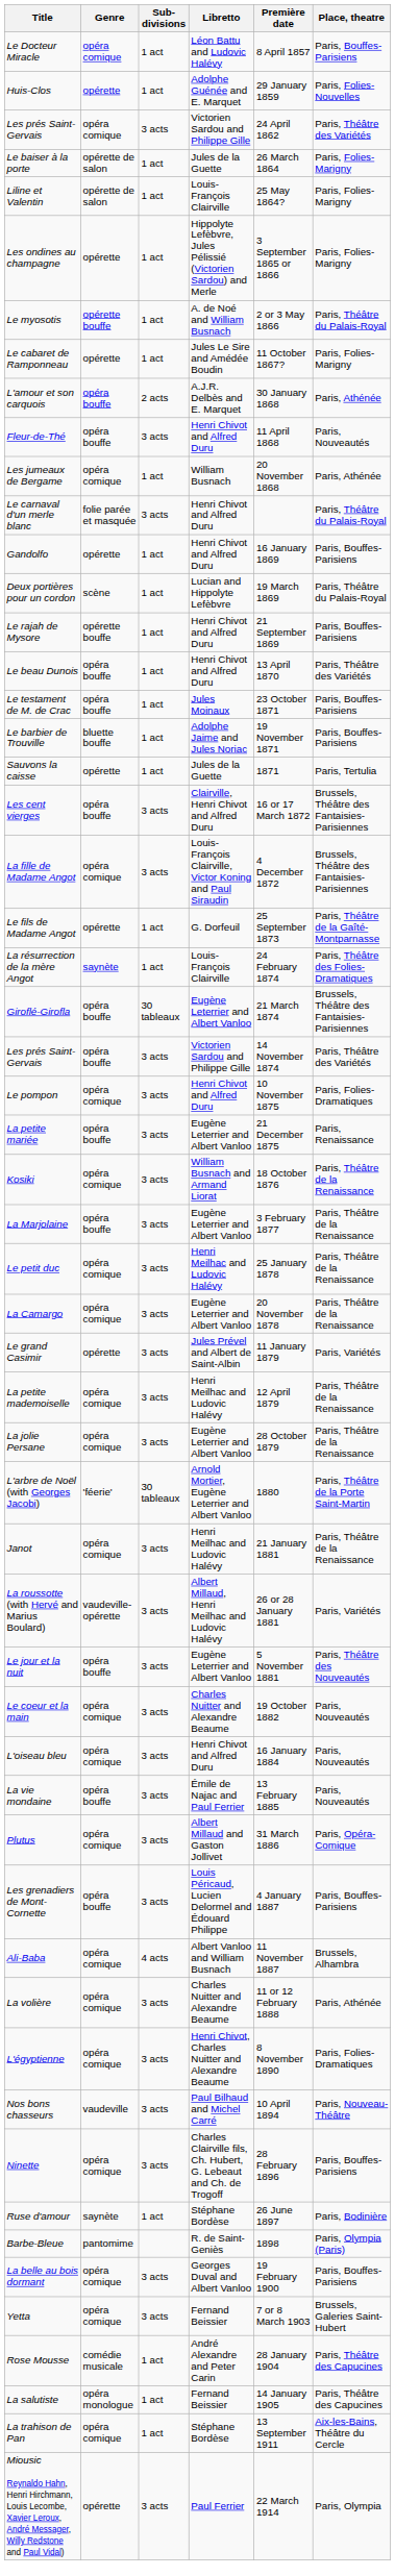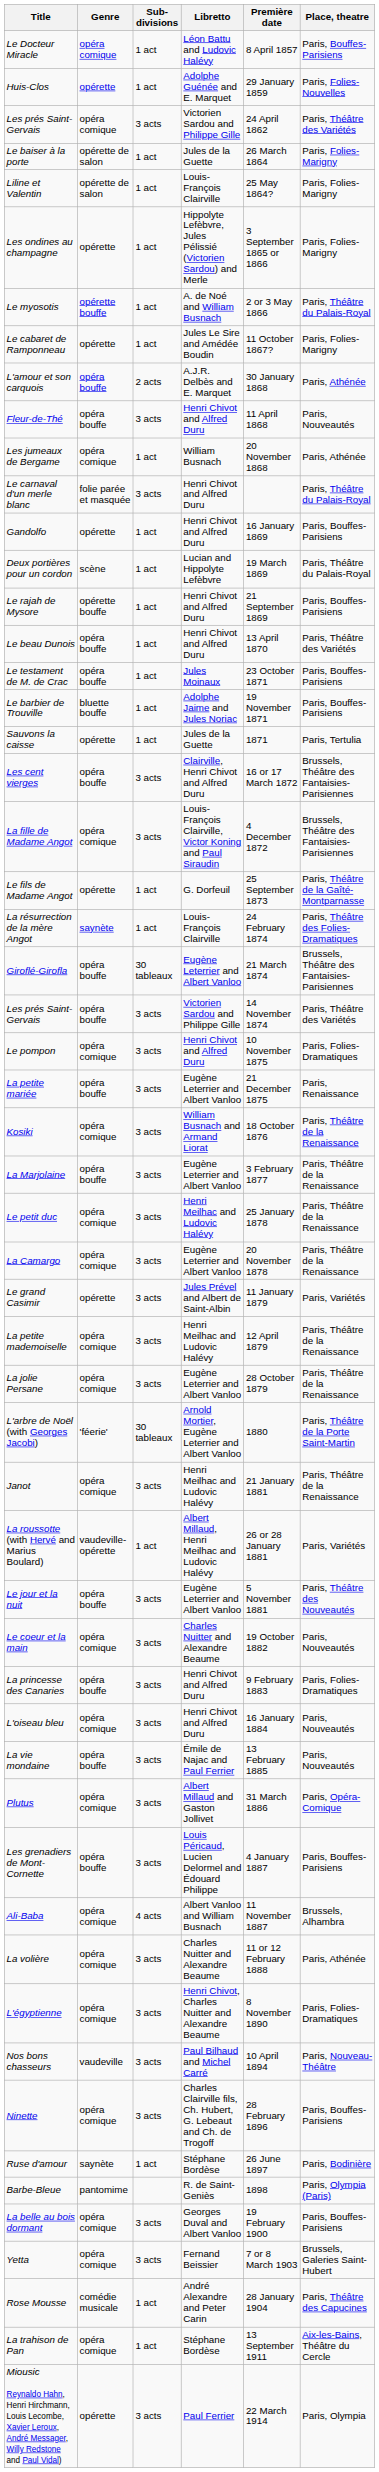 <table class="wikitable sortable">
 <tr>
 <th>Title</th>
 <th>Genre</th>
 <th>Sub­divisions</th>
 <th>Libretto</th>
 <th>Première date</th>
 <th>Place, theatre</th>
 </tr>
 <tr>
 <td><em>Le Docteur Miracle</em></td>
 <td><a href='#'>opéra comique</a></td>
 <td>1 act</td>
 <td><a href='#'>Léon Battu</a> and <a href='#'>Ludovic Halévy</a></td>
 <td>8 April 1857</td>
 <td>Paris, <a href='#'>Bouffes-Parisiens</a></td>
 </tr>
 <tr>
 <td><em>Huis-Clos</em></td>
 <td><a href='#'>opérette</a></td>
 <td>1 act</td>
 <td><a href='#'>Adolphe Guénée</a> and E. Marquet</td>
 <td>29 January 1859</td>
 <td>Paris, <a href='#'>Folies-Nouvelles</a></td>
 </tr>
 <tr>
 <td><em>Les prés Saint-Gervais</em></td>
 <td>opéra comique</td>
 <td>3 acts</td>
 <td>Victorien Sardou and <a href='#'>Philippe Gille</a></td>
 <td>24 April 1862</td>
 <td>Paris, <a href='#'>Théâtre des Variétés</a></td>
 </tr>
 <tr>
 <td><em>Le baiser à la porte</em></td>
 <td>opérette de salon</td>
 <td>1 act</td>
 <td>Jules de la Guette</td>
 <td>26 March 1864</td>
 <td>Paris, <a href='#'>Folies-Marigny</a></td>
 </tr>
 <tr>
 <td><em>Liline et Valentin</em></td>
 <td>opérette de salon</td>
 <td>1 act</td>
 <td>Louis-François Clairville</td>
 <td>25 May 1864?</td>
 <td>Paris, Folies-Marigny</td>
 </tr>
 <tr>
 <td><em>Les ondines au champagne</em></td>
 <td>opérette</td>
 <td>1 act</td>
 <td>Hippolyte Lefèbvre, Jules Pélissié (<a href='#'>Victorien Sardou</a>) and Merle</td>
 <td>3 September 1865 or 1866</td>
 <td>Paris, Folies-Marigny</td>
 </tr>
 <tr>
 <td><em>Le myosotis</em></td>
 <td><a href='#'>opérette bouffe</a></td>
 <td>1 act</td>
 <td>A. de Noé and <a href='#'>William Busnach</a></td>
 <td>2 or 3 May 1866</td>
 <td>Paris, <a href='#'>Théâtre du Palais-Royal</a></td>
 </tr>
 <tr>
 <td><em>Le cabaret de Ramponneau</em></td>
 <td>opérette</td>
 <td>1 act</td>
 <td>Jules Le Sire and Amédée Boudin</td>
 <td>11 October 1867?</td>
 <td>Paris, Folies-Marigny</td>
 </tr>
 <tr>
 <td><em>L'amour et son carquois</em></td>
 <td><a href='#'>opéra bouffe</a></td>
 <td>2 acts</td>
 <td>A.J.R. Delbès and E. Marquet</td>
 <td>30 January 1868</td>
 <td>Paris, <a href='#'>Athénée</a></td>
 </tr>
 <tr>
 <td><em><a href='#'>Fleur-de-Thé</a></em></td>
 <td>opéra bouffe</td>
 <td>3 acts</td>
 <td><a href='#'>Henri Chivot</a> and <a href='#'>Alfred Duru</a></td>
 <td>11 April 1868</td>
 <td>Paris, Nouveautés</td>
 </tr>
 <tr>
 <td><em>Les jumeaux de Bergame</em></td>
 <td>opéra comique</td>
 <td>1 act</td>
 <td>William Busnach</td>
 <td>20 November 1868</td>
 <td>Paris, Athénée</td>
 </tr>
 <tr>
 <td><em>Le carnaval d'un merle blanc</em></td>
 <td>folie parée et masquée</td>
 <td>3 acts</td>
 <td>Henri Chivot and Alfred Duru</td>
 <td></td>
 <td>Paris, <a href='#'>Théâtre du Palais-Royal</a></td>
 </tr>
 <tr>
 <td><em>Gandolfo</em></td>
 <td>opérette</td>
 <td>1 act</td>
 <td>Henri Chivot and Alfred Duru</td>
 <td>16 January 1869</td>
 <td>Paris, Bouffes-Parisiens</td>
 </tr>
 <tr>
 <td><em>Deux portières pour un cordon</em></td>
 <td>scène</td>
 <td>1 act</td>
 <td>Lucian and Hippolyte Lefèbvre</td>
 <td>19 March 1869</td>
 <td>Paris, Théâtre du Palais-Royal</td>
 </tr>
 <tr>
 <td><em>Le rajah de Mysore</em></td>
 <td>opérette bouffe</td>
 <td>1 act</td>
 <td>Henri Chivot and Alfred Duru</td>
 <td>21 September 1869</td>
 <td>Paris, Bouffes-Parisiens</td>
 </tr>
 <tr>
 <td><em>Le beau Dunois</em></td>
 <td>opéra bouffe</td>
 <td>1 act</td>
 <td>Henri Chivot and Alfred Duru</td>
 <td>13 April 1870</td>
 <td>Paris, Théâtre des Variétés</td>
 </tr>
 <tr>
 <td><em>Le testament de M. de Crac</em></td>
 <td>opéra bouffe</td>
 <td>1 act</td>
 <td><a href='#'>Jules Moinaux</a></td>
 <td>23 October 1871</td>
 <td>Paris, Bouffes-Parisiens</td>
 </tr>
 <tr>
 <td><em>Le barbier de Trouville</em></td>
 <td>bluette bouffe</td>
 <td>1 act</td>
 <td><a href='#'>Adolphe Jaime</a> and <a href='#'>Jules Noriac</a></td>
 <td>19 November 1871</td>
 <td>Paris, Bouffes-Parisiens</td>
 </tr>
 <tr>
 <td><em>Sauvons la caisse</em></td>
 <td>opérette</td>
 <td>1 act</td>
 <td>Jules de la Guette</td>
 <td>1871</td>
 <td>Paris, Tertulia</td>
 </tr>
 <tr>
 <td><em><a href='#'>Les cent vierges</a></em></td>
 <td>opéra bouffe</td>
 <td>3 acts</td>
 <td><a href='#'>Clairville</a>, Henri Chivot and Alfred Duru</td>
 <td>16 or 17 March 1872</td>
 <td>Brussels, Théâtre des Fantaisies-Parisiennes</td>
 </tr>
 <tr>
 <td><em><a href='#'>La fille de Madame Angot</a></em></td>
 <td>opéra comique</td>
 <td>3 acts</td>
 <td>Louis-François Clairville, <a href='#'>Victor Koning</a> and <a href='#'>Paul Siraudin</a></td>
 <td>4 December 1872</td>
 <td>Brussels, Théâtre des Fantaisies-Parisiennes</td>
 </tr>
 <tr>
 <td><em>Le fils de Madame Angot</em></td>
 <td>opérette</td>
 <td>1 act</td>
 <td>G. Dorfeuil</td>
 <td>25 September 1873</td>
 <td>Paris, <a href='#'>Théâtre de la Gaîté-Montparnasse</a></td>
 </tr>
 <tr>
 <td><em>La résurrection de la mère Angot</em></td>
 <td><a href='#'>saynète</a></td>
 <td>1 act</td>
 <td>Louis-François Clairville</td>
 <td>24 February 1874</td>
 <td>Paris, <a href='#'>Théâtre des Folies-Dramatiques</a></td>
 </tr>
 <tr>
 <td><em><a href='#'>Giroflé-Girofla</a></em></td>
 <td>opéra bouffe</td>
 <td>30 tableaux</td>
 <td><a href='#'>Eugène Leterrier</a> and <a href='#'>Albert Vanloo</a></td>
 <td>21 March 1874</td>
 <td>Brussels, Théâtre des Fantaisies-Parisiennes</td>
 </tr>
 <tr>
 <td><em>Les prés Saint-Gervais</em></td>
 <td>opéra bouffe</td>
 <td>3 acts</td>
 <td><a href='#'>Victorien Sardou</a> and Philippe Gille</td>
 <td {{Hs>14 November 1874</td>
 <td>Paris, Théâtre des Variétés</td>
 </tr>
 <tr>
 <td><em>Le pompon</em></td>
 <td>opéra comique</td>
 <td>3 acts</td>
 <td><a href='#'>Henri Chivot</a> and <a href='#'>Alfred Duru</a></td>
 <td>10 November 1875</td>
 <td>Paris, Folies-Dramatiques</td>
 </tr>
 <tr>
 <td><em><a href='#'>La petite mariée</a></em></td>
 <td>opéra bouffe</td>
 <td>3 acts</td>
 <td>Eugène Leterrier and Albert Vanloo</td>
 <td>21 December 1875</td>
 <td>Paris, Renaissance</td>
 </tr>
 <tr>
 <td><em><a href='#'>Kosiki</a></em></td>
 <td>opéra comique</td>
 <td>3 acts</td>
 <td><a href='#'>William Busnach</a> and <a href='#'>Armand Liorat</a></td>
 <td>18 October 1876</td>
 <td>Paris, <a href='#'>Théâtre de la Renaissance</a></td>
 </tr>
 <tr>
 <td><em><a href='#'>La Marjolaine</a></em></td>
 <td>opéra bouffe</td>
 <td>3 acts</td>
 <td>Eugène Leterrier and Albert Vanloo</td>
 <td>3 February 1877</td>
 <td>Paris, Théâtre de la Renaissance</td>
 </tr>
 <tr>
 <td><em><a href='#'>Le petit duc</a></em></td>
 <td>opéra comique</td>
 <td>3 acts</td>
 <td><a href='#'>Henri Meilhac</a> and <a href='#'>Ludovic Halévy</a></td>
 <td>25 January 1878</td>
 <td>Paris, Théâtre de la Renaissance</td>
 </tr>
 <tr>
 <td><em><a href='#'>La Camargo</a></em></td>
 <td>opéra comique</td>
 <td>3 acts</td>
 <td>Eugène Leterrier and Albert Vanloo</td>
 <td>20 November 1878</td>
 <td>Paris, Théâtre de la Renaissance</td>
 </tr>
 <tr>
 <td><em>Le grand Casimir</em></td>
 <td>opérette</td>
 <td>3 acts</td>
 <td><a href='#'>Jules Prével</a> and Albert de Saint-Albin</td>
 <td>11 January 1879</td>
 <td>Paris, Variétés</td>
 </tr>
 <tr>
 <td><em>La petite mademoiselle</em></td>
 <td>opéra comique</td>
 <td>3 acts</td>
 <td>Henri Meilhac and Ludovic Halévy</td>
 <td>12 April 1879</td>
 <td>Paris, Théâtre de la Renaissance</td>
 </tr>
 <tr>
 <td><em>La jolie Persane</em></td>
 <td>opéra comique</td>
 <td>3 acts</td>
 <td>Eugène Leterrier and Albert Vanloo</td>
 <td>28 October 1879</td>
 <td>Paris, Théâtre de la Renaissance</td>
 </tr>
 <tr>
 <td><em>L'arbre de Noël</em> (with <a href='#'>Georges Jacobi</a>)</td>
 <td>'féerie'</td>
 <td>30 tableaux</td>
 <td><a href='#'>Arnold Mortier</a>, Eugène Leterrier and Albert Vanloo</td>
 <td>1880</td>
 <td>Paris, <a href='#'>Théâtre de la Porte Saint-Martin</a></td>
 </tr>
 <tr>
 <td><em>Janot</em></td>
 <td>opéra comique</td>
 <td>3 acts</td>
 <td>Henri Meilhac and Ludovic Halévy</td>
 <td>21 January 1881</td>
 <td>Paris, Théâtre de la Renaissance</td>
 </tr>
 <tr>
 <td><em><a href='#'>La roussotte</a></em> (with <a href='#'>Hervé</a> and Marius Boulard)</td>
 <td>vaudeville-opérette</td>
-<td>3 acts</td>
+<td>1 act</td>
 <td><a href='#'>Albert Millaud</a>, Henri Meilhac and Ludovic Halévy</td>
 <td>26 or 28 January 1881</td>
 <td>Paris, Variétés</td>
 </tr>
 <tr>
 <td><em><a href='#'>Le jour et la nuit</a></em></td>
 <td>opéra bouffe</td>
 <td>3 acts</td>
 <td>Eugène Leterrier and Albert Vanloo</td>
 <td>5 November 1881</td>
 <td>Paris, <a href='#'>Théâtre des Nouveautés</a></td>
 </tr>
 <tr>
 <td><em><a href='#'>Le coeur et la main</a></em></td>
 <td>opéra comique</td>
 <td>3 acts</td>
 <td><a href='#'>Charles Nuitter</a> and Alexandre Beaume</td>
 <td>19 October 1882</td>
 <td>Paris, Nouveautés</td>
+</tr>
+<tr>
+<td><em>La princesse des Canaries</em></td>
+<td>opéra bouffe</td>
+<td>3 acts</td>
+<td>Henri Chivot and Alfred Duru</td>
+<td>9 February 1883</td>
+<td>Paris, Folies-Dramatiques</td>
 </tr>
 <tr>
 <td><em>L'oiseau bleu</em></td>
 <td>opéra comique</td>
 <td>3 acts</td>
 <td>Henri Chivot and Alfred Duru</td>
 <td>16 January 1884</td>
 <td>Paris, Nouveautés</td>
 </tr>
 <tr>
 <td><em>La vie mondaine</em></td>
 <td>opéra bouffe</td>
 <td>3 acts</td>
 <td>Émile de Najac and <a href='#'>Paul Ferrier</a></td>
 <td>13 February 1885</td>
 <td>Paris, Nouveautés</td>
 </tr>
 <tr>
 <td><em><a href='#'>Plutus</a></em></td>
 <td>opéra comique</td>
 <td>3 acts</td>
 <td><a href='#'>Albert Millaud</a> and Gaston Jollivet</td>
 <td>31 March 1886</td>
 <td>Paris, <a href='#'>Opéra-Comique</a></td>
 </tr>
 <tr>
 <td><em>Les grenadiers de Mont-Cornette</em></td>
 <td>opéra bouffe</td>
 <td>3 acts</td>
 <td><a href='#'>Louis Péricaud</a>, Lucien Delormel and Édouard Philippe</td>
 <td>4 January 1887</td>
 <td>Paris, Bouffes-Parisiens</td>
 </tr>
 <tr>
 <td><em><a href='#'>Ali-Baba</a></em></td>
 <td>opéra comique</td>
 <td>4 acts</td>
 <td>Albert Vanloo and William Busnach</td>
 <td>11 November 1887</td>
 <td>Brussels, Alhambra</td>
 </tr>
 <tr>
 <td><em>La volière</em></td>
 <td>opéra comique</td>
 <td>3 acts</td>
 <td>Charles Nuitter and Alexandre Beaume</td>
 <td>11 or 12 February 1888</td>
 <td>Paris, Athénée</td>
 </tr>
 <tr>
 <td><em><a href='#'>L'égyptienne</a></em></td>
 <td>opéra comique</td>
 <td>3 acts</td>
 <td><a href='#'>Henri Chivot</a>, Charles Nuitter and Alexandre Beaume</td>
 <td>8 November 1890</td>
 <td>Paris, Folies-Dramatiques</td>
 </tr>
 <tr>
 <td><em>Nos bons chasseurs</em></td>
 <td>vaudeville</td>
 <td>3 acts</td>
 <td><a href='#'>Paul Bilhaud</a> and <a href='#'>Michel Carré</a></td>
 <td>10 April 1894</td>
 <td>Paris, <a href='#'>Nouveau-Théâtre</a></td>
 </tr>
 <tr>
 <td><em><a href='#'>Ninette</a></em></td>
 <td>opéra comique</td>
 <td>3 acts</td>
 <td>Charles Clairville fils, Ch. Hubert, G. Lebeaut and Ch. de Trogoff</td>
 <td>28 February 1896</td>
 <td>Paris, Bouffes-Parisiens</td>
 </tr>
 <tr>
 <td><em>Ruse d'amour</em></td>
 <td>saynète</td>
 <td>1 act</td>
 <td>Stéphane Bordèse</td>
 <td>26 June 1897</td>
 <td>Paris, <a href='#'>Bodinière</a></td>
 </tr>
 <tr>
 <td><em>Barbe-Bleue</em></td>
 <td>pantomime</td>
 <td> </td>
 <td>R. de Saint-Geniès</td>
 <td>1898</td>
 <td>Paris, <a href='#'>Olympia (Paris)</a></td>
 </tr>
 <tr>
 <td><em><a href='#'>La belle au bois dormant</a></em></td>
 <td>opéra comique</td>
 <td>3 acts</td>
 <td>Georges Duval and Albert Vanloo</td>
 <td>19 February 1900</td>
 <td>Paris, Bouffes-Parisiens</td>
 </tr>
 <tr>
 <td><em>Yetta</em></td>
 <td>opéra comique</td>
 <td>3 acts</td>
 <td>Fernand Beissier</td>
 <td>7 or 8 March 1903</td>
 <td>Brussels, Galeries Saint-Hubert</td>
 </tr>
 <tr>
 <td><em>Rose Mousse</em></td>
 <td>comédie musicale</td>
 <td>1 act</td>
 <td>André Alexandre and Peter Carin</td>
 <td>28 January 1904</td>
 <td>Paris, <a href='#'>Théâtre des Capucines</a></td>
 </tr>
 <tr>
-<td><em>La salutiste</em></td>
-<td>opéra monologue</td>
-<td>1 act</td>
-<td>Fernand Beissier</td>
-<td>14 January 1905</td>
-<td>Paris, Théâtre des Capucines</td>
-</tr>
-<tr>
 <td><em>La trahison de Pan</em></td>
 <td>opéra comique</td>
 <td>1 act</td>
 <td>Stéphane Bordèse</td>
 <td>13 September 1911</td>
 <td><a href='#'>Aix-les-Bains</a>, Théâtre du Cercle</td>
 </tr>
 <tr>
 <td><em>Miousic</em><br><small><br><a href='#'>Reynaldo Hahn</a>, Henri Hirchmann, Louis Lecombe,<br><a href='#'>Xavier Leroux</a>, <a href='#'>André Messager</a>, <a href='#'>Willy Redstone</a><br>and <a href='#'>Paul Vidal</a>)</small></td>
 <td>opérette</td>
 <td>3 acts</td>
 <td><a href='#'>Paul Ferrier</a></td>
 <td>22 March 1914</td>
 <td>Paris, Olympia</td>
 </tr>
 </table>
